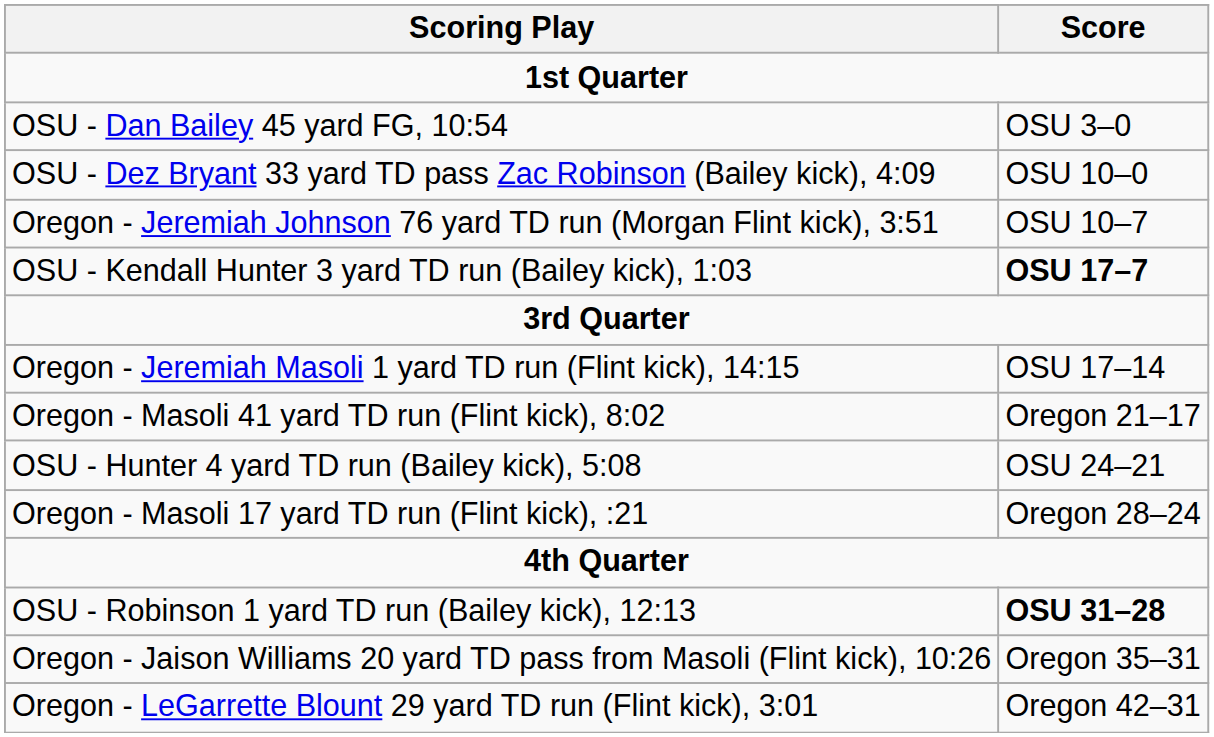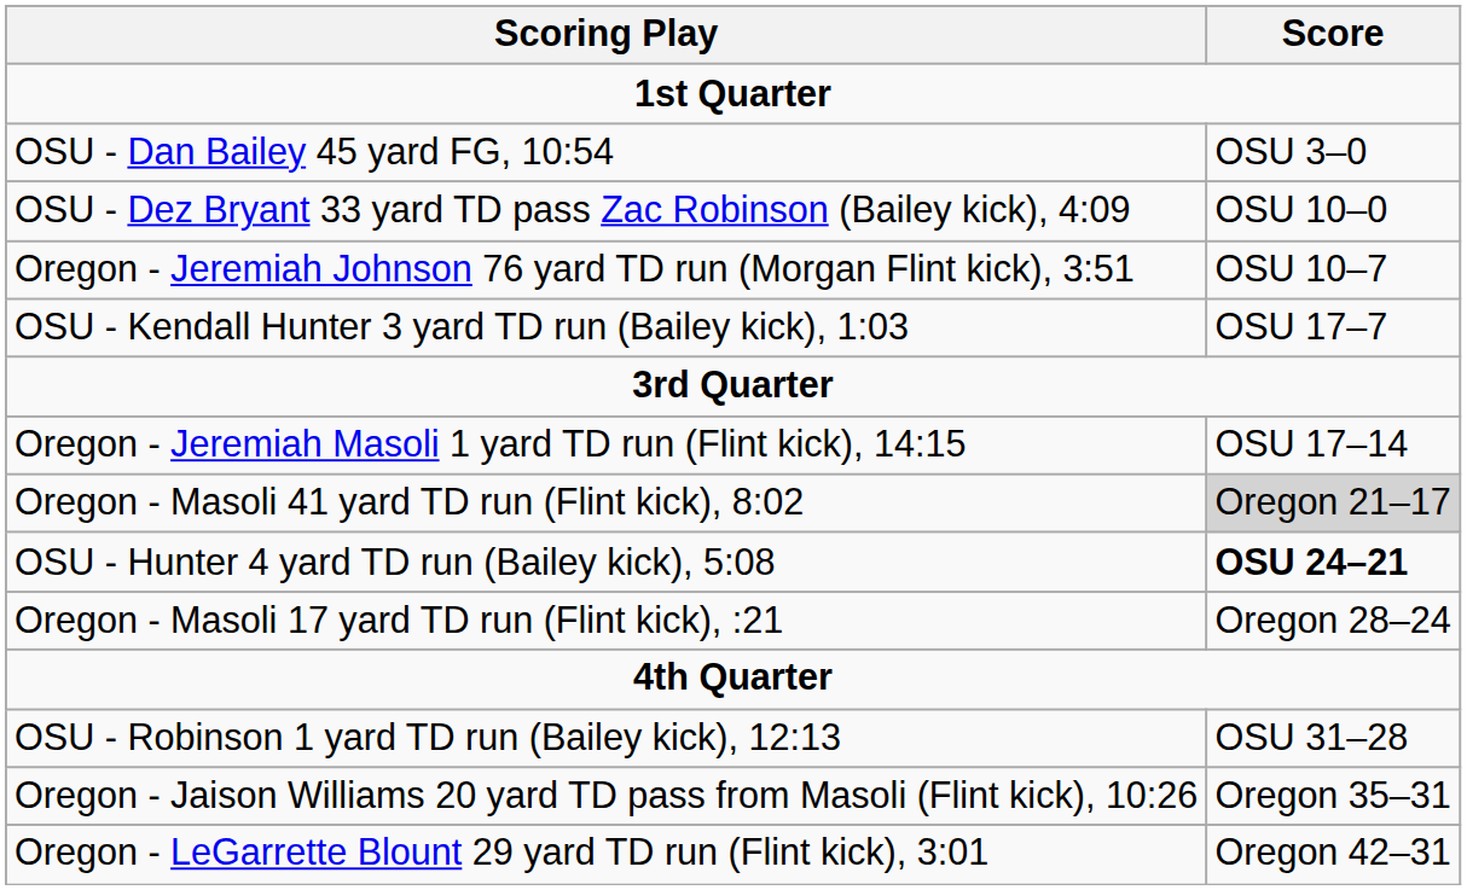 <table class="wikitable">
 <tr>
 <th>Scoring Play</th>
 <th>Score</th>
 </tr>
 <tr>
 <td colspan="4" style="text-align:center;"><strong>1st Quarter</strong></td>
 </tr>
 <tr>
 <td>OSU - <a href='#'>Dan Bailey</a> 45 yard FG, 10:54</td>
 <td>OSU 3–0</td>
 </tr>
 <tr>
 <td>OSU - <a href='#'>Dez Bryant</a> 33 yard TD pass <a href='#'>Zac Robinson</a> (Bailey kick), 4:09</td>
 <td>OSU 10–0</td>
 </tr>
 <tr>
 <td>Oregon - <a href='#'>Jeremiah Johnson</a> 76 yard TD run (Morgan Flint kick), 3:51</td>
 <td>OSU 10–7</td>
 </tr>
 <tr>
 <td>OSU - Kendall Hunter 3 yard TD run (Bailey kick), 1:03</td>
-<td><strong>OSU 17–7</strong></td>
+<td>OSU 17–7</td>
 </tr>
 <tr>
 <td colspan="4" style="text-align:center;"><strong>3rd Quarter</strong></td>
 </tr>
 <tr>
 <td>Oregon - <a href='#'>Jeremiah Masoli</a> 1 yard TD run (Flint kick), 14:15</td>
 <td>OSU 17–14</td>
 </tr>
 <tr>
 <td>Oregon - Masoli 41 yard TD run (Flint kick), 8:02</td>
-<td>Oregon 21–17</td>
+<td style="background: lightgrey;">Oregon 21–17</td>
 </tr>
 <tr>
 <td>OSU - Hunter 4 yard TD run (Bailey kick), 5:08</td>
-<td>OSU 24–21</td>
+<td><strong>OSU 24–21</strong></td>
 </tr>
 <tr>
 <td>Oregon - Masoli 17 yard TD run (Flint kick), :21</td>
 <td>Oregon 28–24</td>
 </tr>
 <tr>
 <td colspan="4" style="text-align:center;"><strong>4th Quarter</strong></td>
 </tr>
 <tr>
 <td>OSU - Robinson 1 yard TD run (Bailey kick), 12:13</td>
-<td><strong>OSU 31–28</strong></td>
+<td>OSU 31–28</td>
 </tr>
 <tr>
 <td>Oregon - Jaison Williams 20 yard TD pass from Masoli (Flint kick), 10:26</td>
 <td>Oregon 35–31</td>
 </tr>
 <tr>
 <td>Oregon - <a href='#'>LeGarrette Blount</a> 29 yard TD run (Flint kick), 3:01</td>
 <td>Oregon 42–31</td>
 </tr>
 </table>
